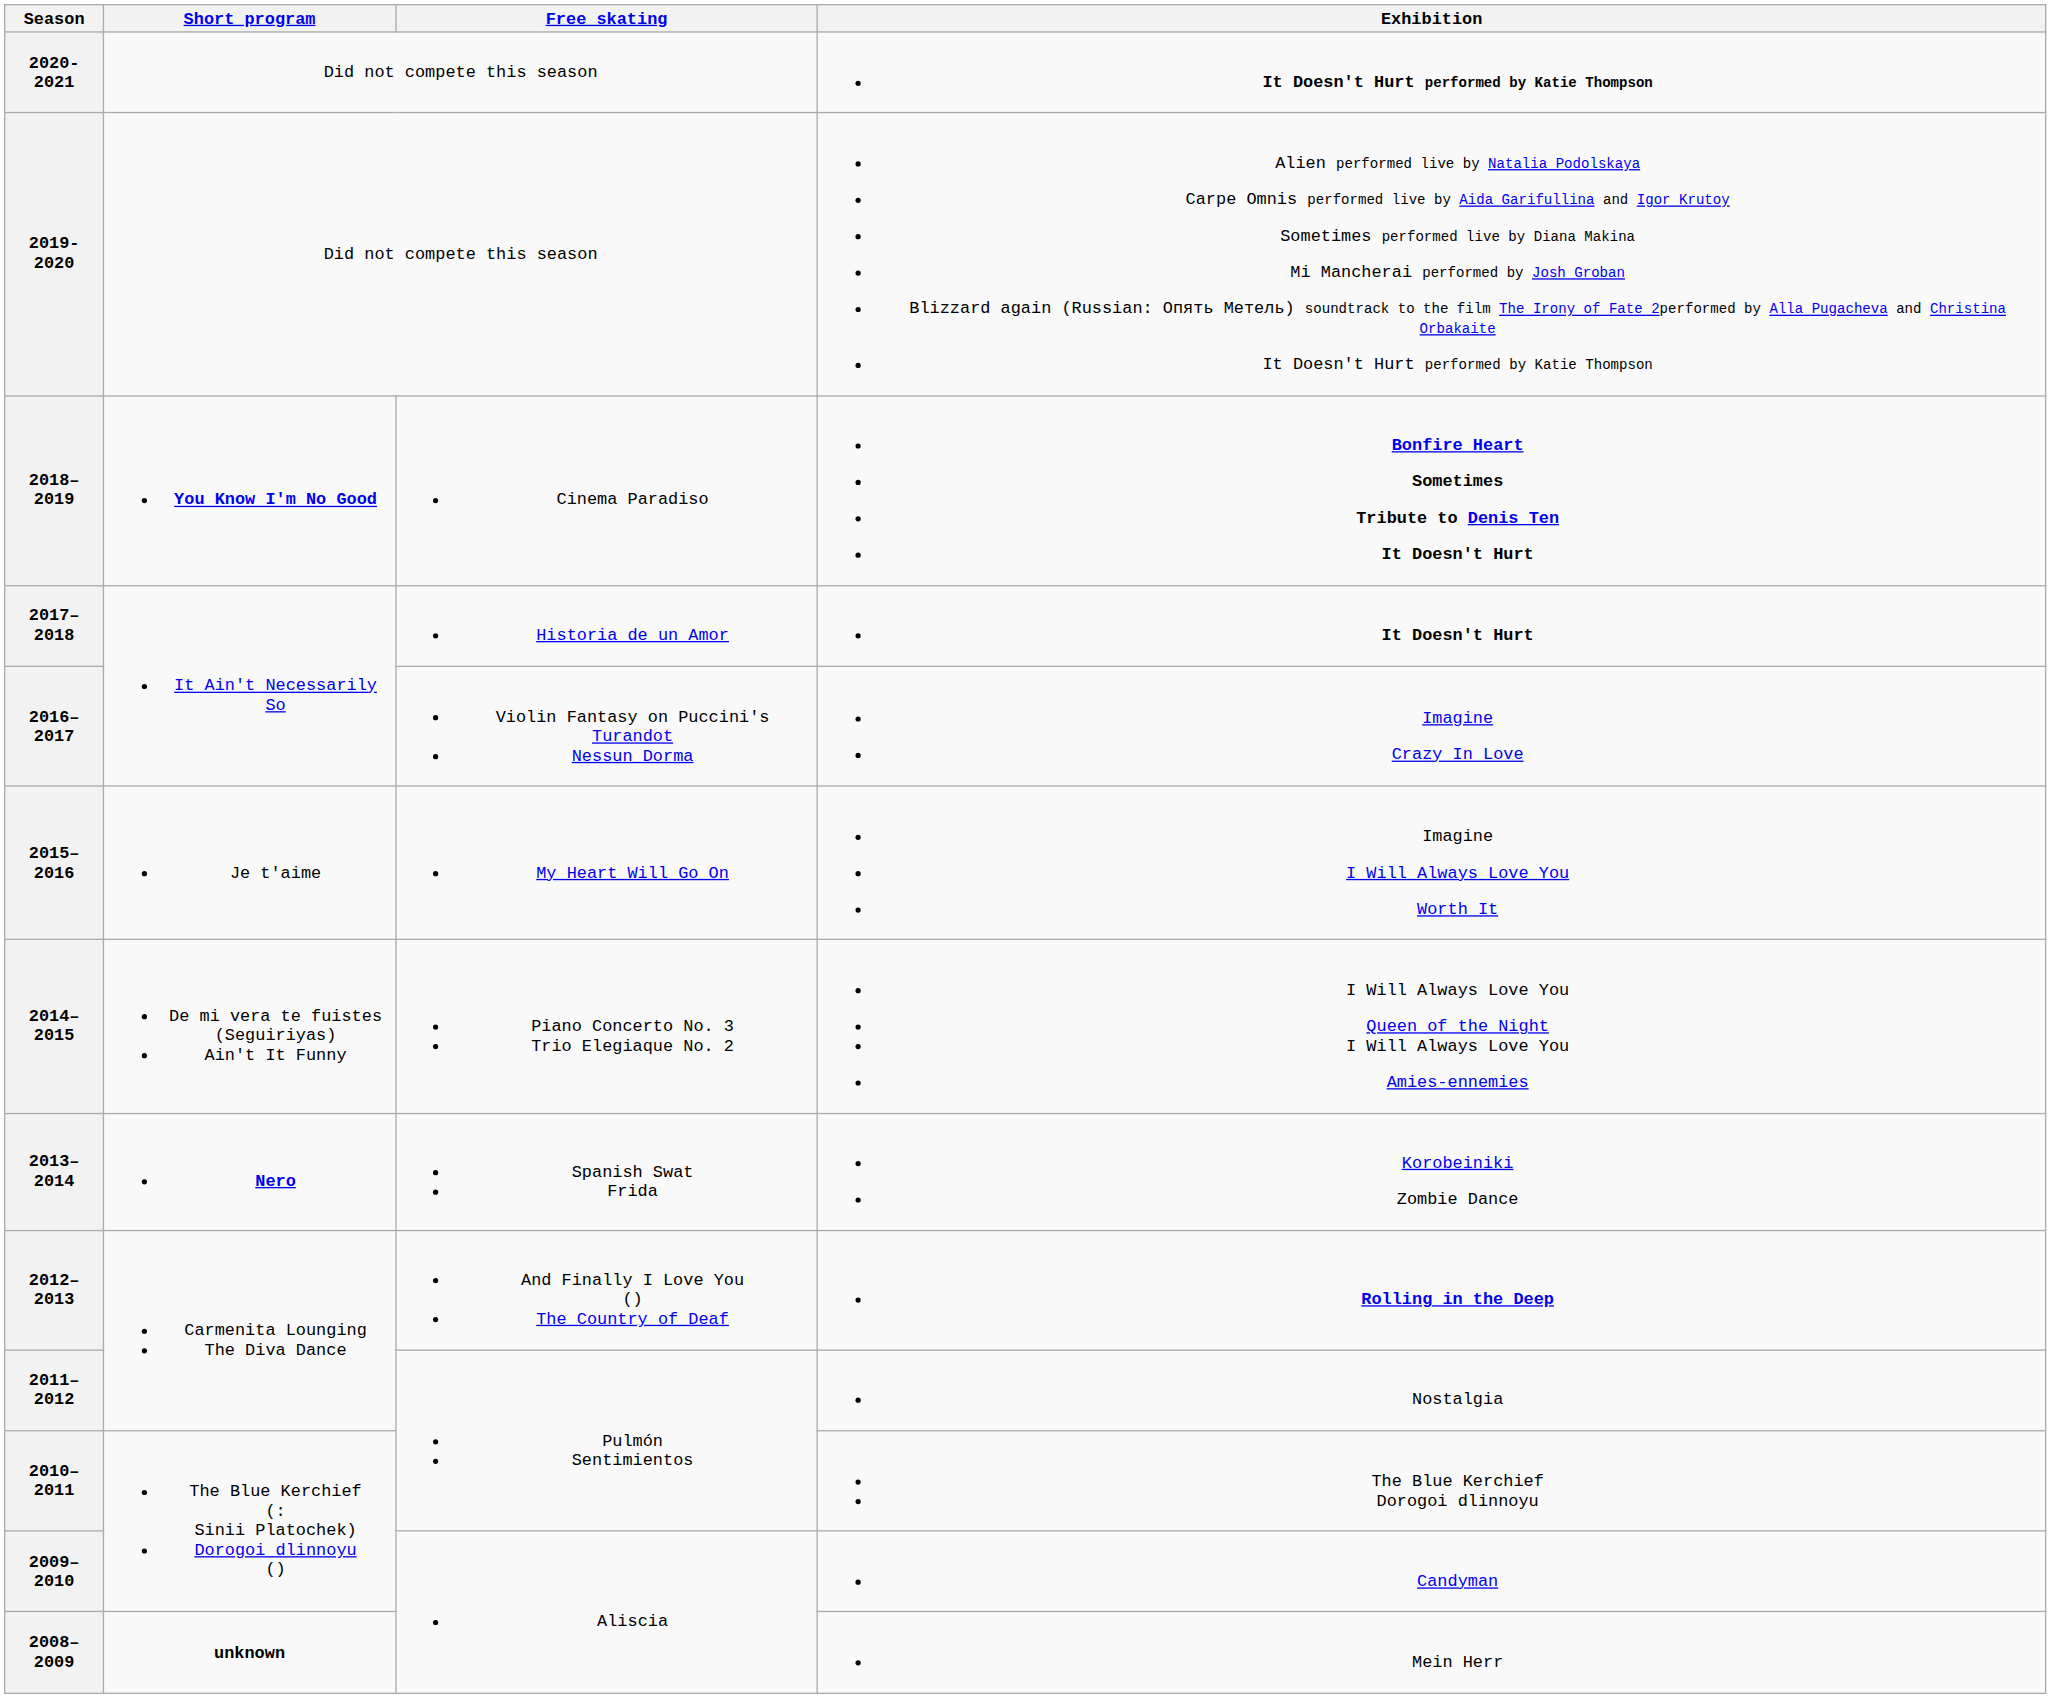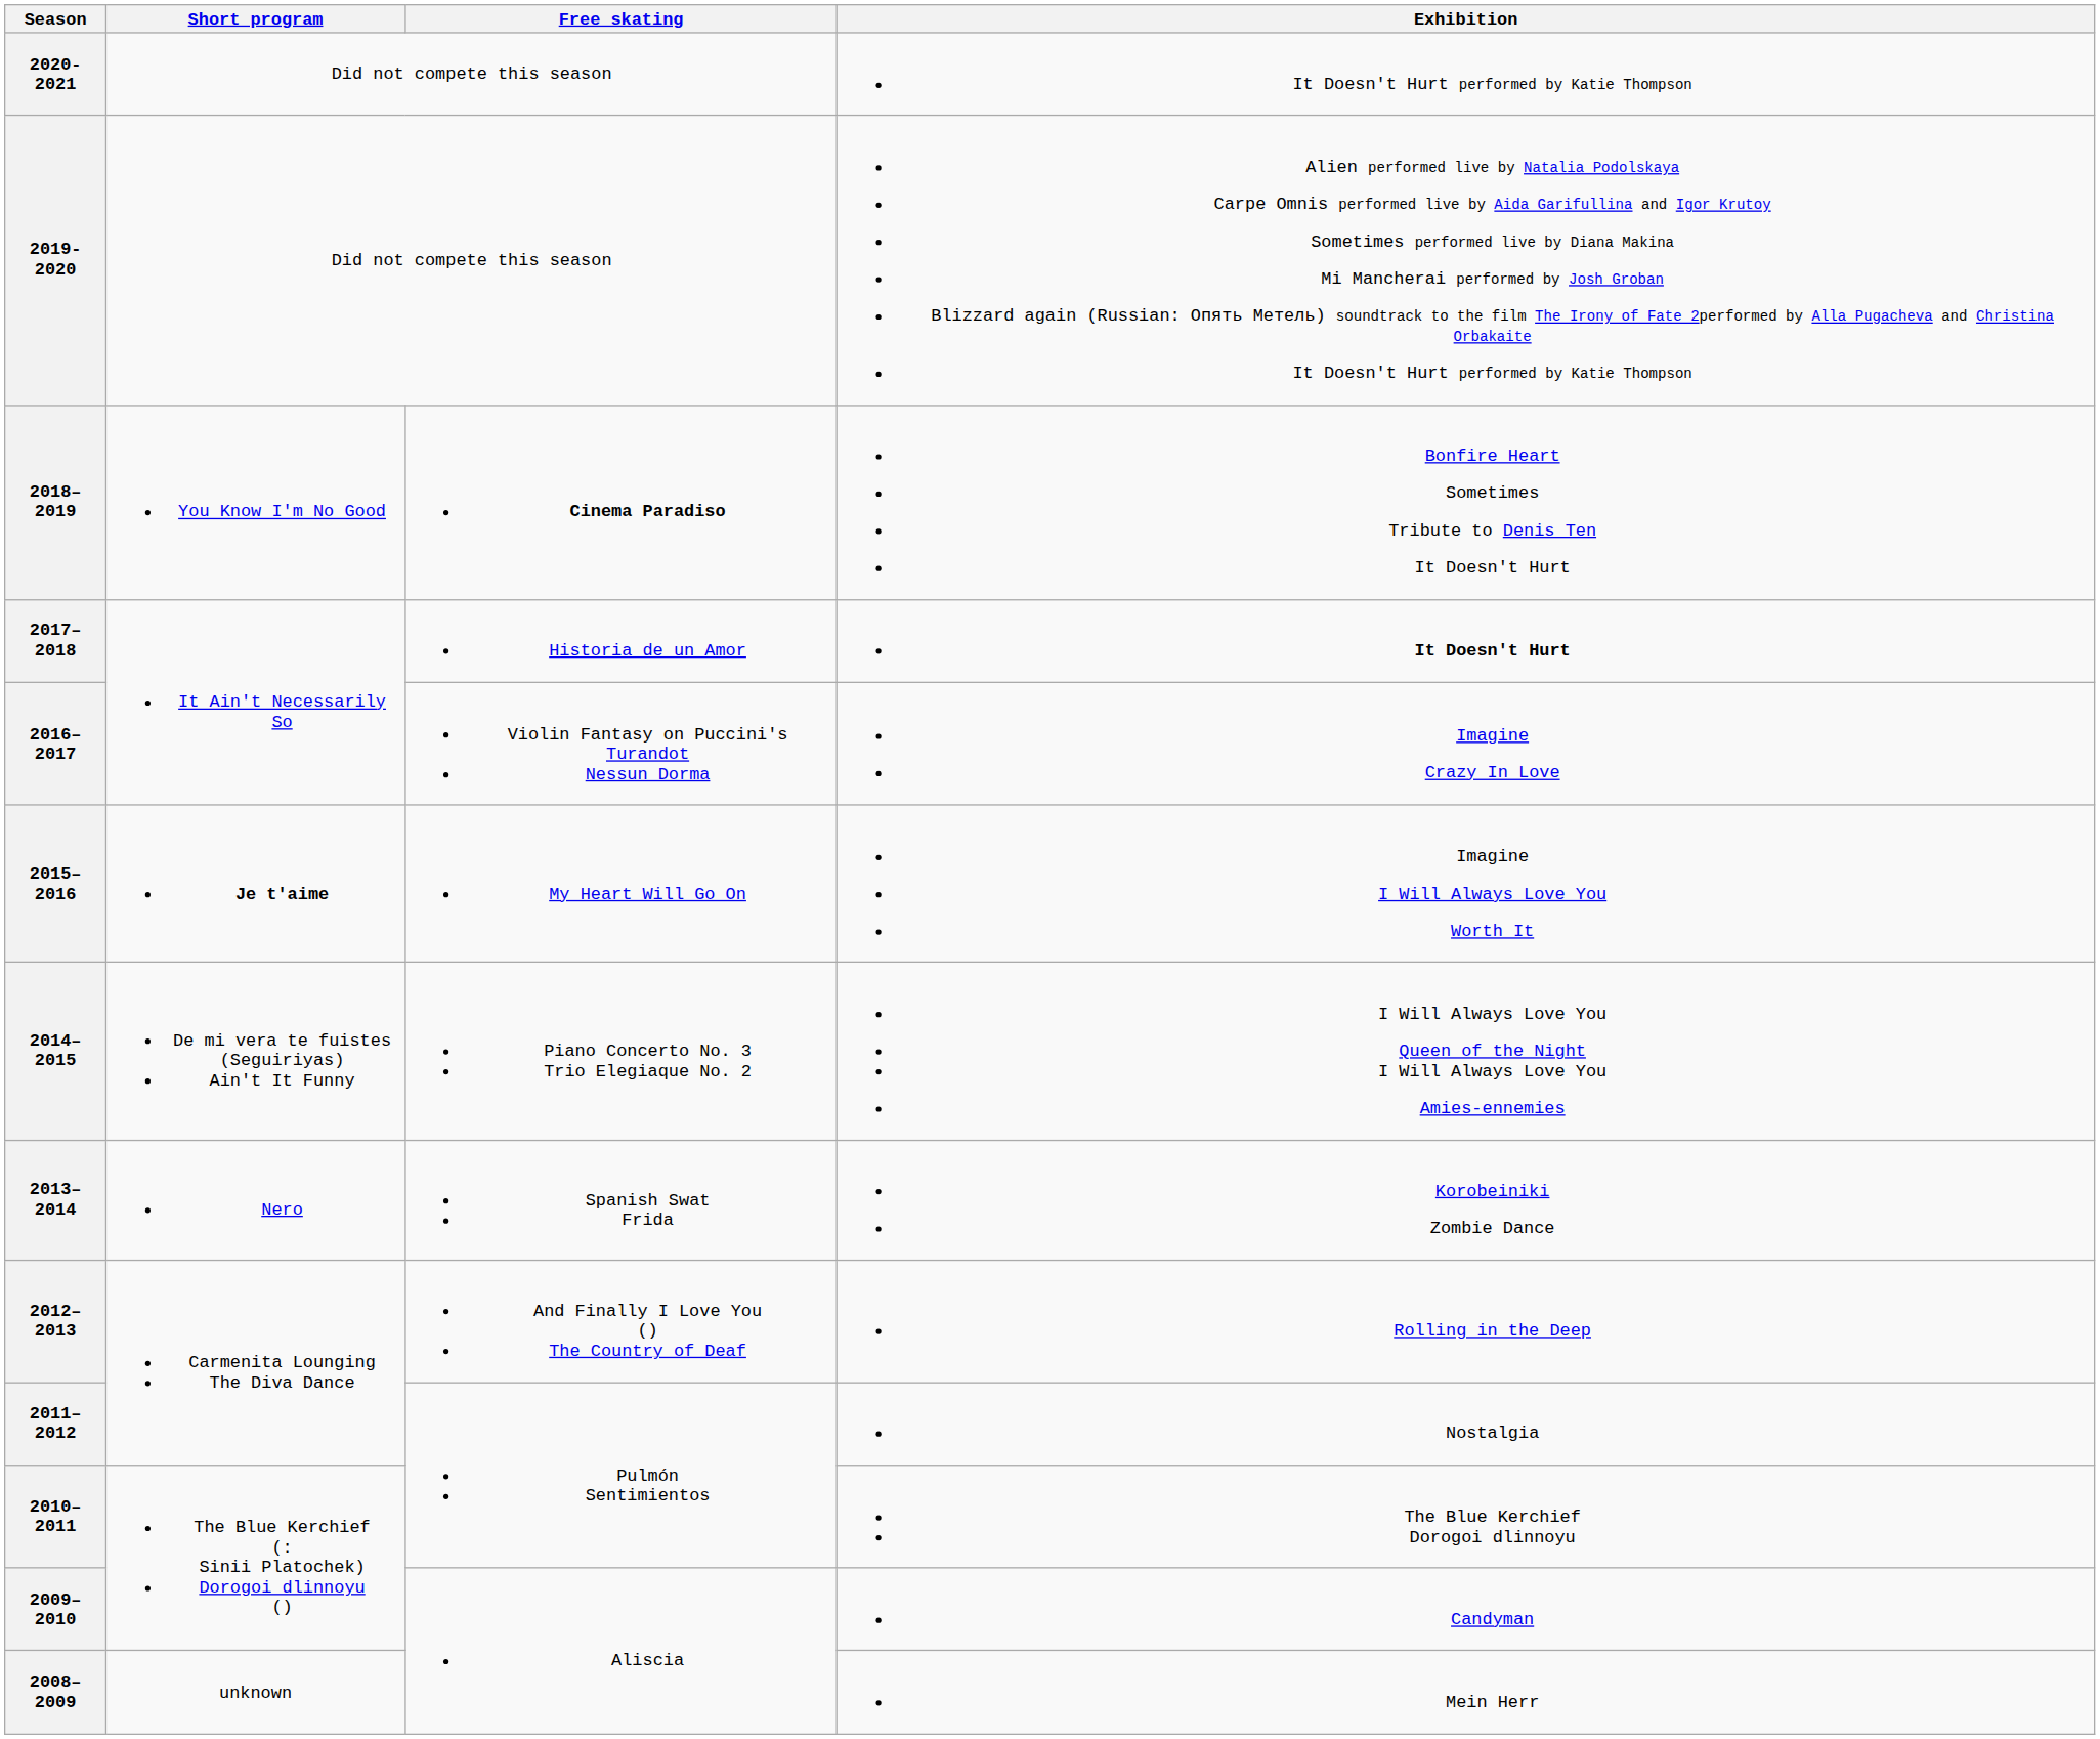 <table class=wikitable style=text-align:center>
 <tr>
 <th>Season</th>
 <th><a href='#'>Short program</a></th>
 <th><a href='#'>Free skating</a></th>
 <th>Exhibition</th>
 </tr>
 <tr>
 <th>2020-2021</th>
 <td colspan="2">Did not compete this season</td>
-<td><strong><br><ul><li>It Doesn't Hurt <small>performed by Katie Thompson</small></li></ul></strong></td>
+<td><br><ul><li>It Doesn't Hurt <small>performed by Katie Thompson</small></li></ul></td>
 </tr>
 <tr>
 <th>2019-2020</th>
 <td colspan="2">Did not compete this season</td>
 <td><br><ul><li>Alien <small>performed live by <a href='#'>Natalia Podolskaya</a></small></li></ul><ul><li>Carpe Omnis <small>performed live by <a href='#'>Aida Garifullina</a> and <a href='#'>Igor Krutoy</a></small></li></ul><ul><li>Sometimes <small>performed live by Diana Makina</small></li></ul><ul><li>Mi Mancherai <small>performed by <a href='#'>Josh Groban</a></small></li></ul><ul><li>Blizzard again (Russian: Опять Метель) <small>soundtrack to the film <a href='#'>The Irony of Fate 2</a></small><small>performed by <a href='#'>Alla Pugacheva</a> and <a href='#'>Christina Orbakaite</a></small></li></ul><ul><li>It Doesn't Hurt <small>performed by Katie Thompson</small></li></ul></td>
 </tr>
 <tr>
 <th>2018–2019</th>
-<td><strong><br><ul><li><a href='#'>You Know I'm No Good</a> <br> </li></ul></strong></td>
-<td><br><ul><li>Cinema Paradiso <br> </li></ul></td>
-<td><strong><br><ul><li><a href='#'>Bonfire Heart</a> <br> </li></ul><ul><li>Sometimes</li></ul><ul><li>Tribute to <a href='#'>Denis Ten</a></li></ul><ul><li>It Doesn't Hurt <br></li></ul></strong></td>
+<td><br><ul><li><a href='#'>You Know I'm No Good</a> <br> </li></ul></td>
+<td><strong><br><ul><li>Cinema Paradiso <br> </li></ul></strong></td>
+<td><br><ul><li><a href='#'>Bonfire Heart</a> <br> </li></ul><ul><li>Sometimes</li></ul><ul><li>Tribute to <a href='#'>Denis Ten</a></li></ul><ul><li>It Doesn't Hurt <br></li></ul></td>
 </tr>
 <tr>
 <th>2017–2018 <br> </th>
 <td rowspan=2><br><ul><li><a href='#'>It Ain't Necessarily So</a> <br></li></ul></td>
 <td><br><ul><li><a href='#'>Historia de un Amor</a> <br></li></ul></td>
 <td><strong><br><ul><li>It Doesn't Hurt <br></li></ul></strong></td>
 </tr>
 <tr>
 <th>2016–2017 <br> </th>
 <td><br><ul><li>Violin Fantasy on Puccini's <a href='#'>Turandot</a> <br></li><li><a href='#'>Nessun Dorma</a> <br></li></ul></td>
 <td><br><ul><li><a href='#'>Imagine</a> <br></li></ul><ul><li><a href='#'>Crazy In Love</a> <br></li></ul></td>
 </tr>
 <tr>
 <th>2015–2016 <br> </th>
-<td><br><ul><li>Je t'aime <br></li></ul></td>
+<td><strong><br><ul><li>Je t'aime <br></li></ul></strong></td>
 <td><br><ul><li><a href='#'>My Heart Will Go On</a> <br></li></ul></td>
 <td><br><ul><li>Imagine <br></li></ul><ul><li><a href='#'>I Will Always Love You</a> <br></li></ul><ul><li><a href='#'>Worth It</a> <br></li></ul></td>
 </tr>
 <tr>
 <th>2014–2015 <br> </th>
 <td><br><ul><li>De mi vera te fuistes <br>(Seguiriyas) <br></li><li>Ain't It Funny <br></li></ul></td>
 <td><br><ul><li>Piano Concerto No. 3 <br></li><li>Trio Elegiaque No. 2 <br></li></ul></td>
 <td><br><ul><li>I Will Always Love You <br></li></ul><ul><li><a href='#'>Queen of the Night</a></li><li>I Will Always Love You <br></li></ul><ul><li><a href='#'>Amies-ennemies</a> <br></li></ul></td>
 </tr>
 <tr>
 <th>2013–2014 <br> </th>
-<td><strong><br><ul><li><a href='#'>Nero</a> <br></li></ul></strong></td>
+<td><br><ul><li><a href='#'>Nero</a> <br></li></ul></td>
 <td><br><ul><li>Spanish Swat</li><li>Frida <br></li></ul></td>
 <td><br><ul><li><a href='#'>Korobeiniki</a></li></ul><ul><li>Zombie Dance <br></li></ul></td>
 </tr>
 <tr>
 <th>2012–2013 <br> </th>
 <td rowspan=2><br><ul><li>Carmenita Lounging <br></li><li>The Diva Dance <br></li></ul></td>
 <td><br><ul><li>And Finally I Love You <br> () <br></li><li><a href='#'>The Country of Deaf</a> <br></li></ul></td>
-<td><strong><br><ul><li><a href='#'>Rolling in the Deep</a> <br></li></ul></strong></td>
+<td><br><ul><li><a href='#'>Rolling in the Deep</a> <br></li></ul></td>
 </tr>
 <tr>
 <th>2011–2012</th>
 <td rowspan=2><br><ul><li>Pulmón <br></li><li>Sentimientos <br></li></ul></td>
 <td><br><ul><li>Nostalgia <br></li></ul></td>
 </tr>
 <tr>
 <th>2010–2011</th>
 <td rowspan=2><br><ul><li>The Blue Kerchief <br> (:<br> Sinii Platochek) <br></li><li><a href='#'>Dorogoi dlinnoyu</a> <br> () <br></li></ul></td>
 <td><br><ul><li>The Blue Kerchief <br> </li><li>Dorogoi dlinnoyu <br></li></ul></td>
 </tr>
 <tr>
 <th>2009–2010</th>
 <td rowspan=2><br><ul><li>Aliscia <br></li></ul></td>
 <td><br><ul><li><a href='#'>Candyman</a> <br></li></ul></td>
 </tr>
 <tr>
 <th>2008–2009</th>
-<td align="center"><strong>unknown</strong></td>
+<td align="center">unknown</td>
 <td><br><ul><li>Mein Herr <br></li></ul></td>
 </tr>
 </table>
